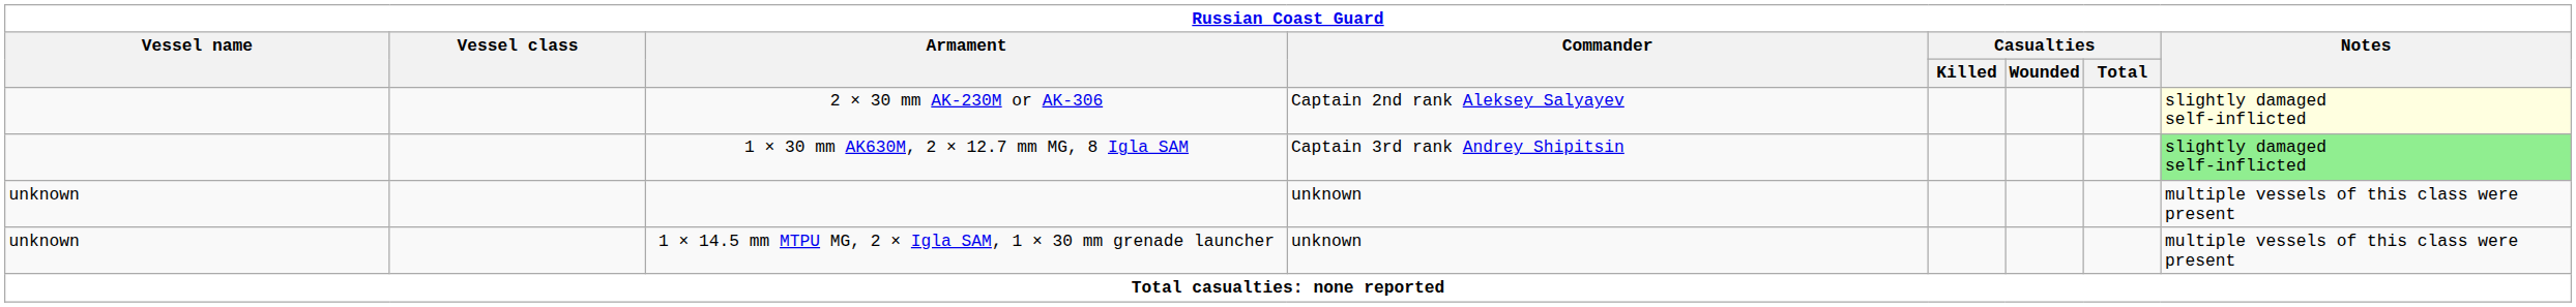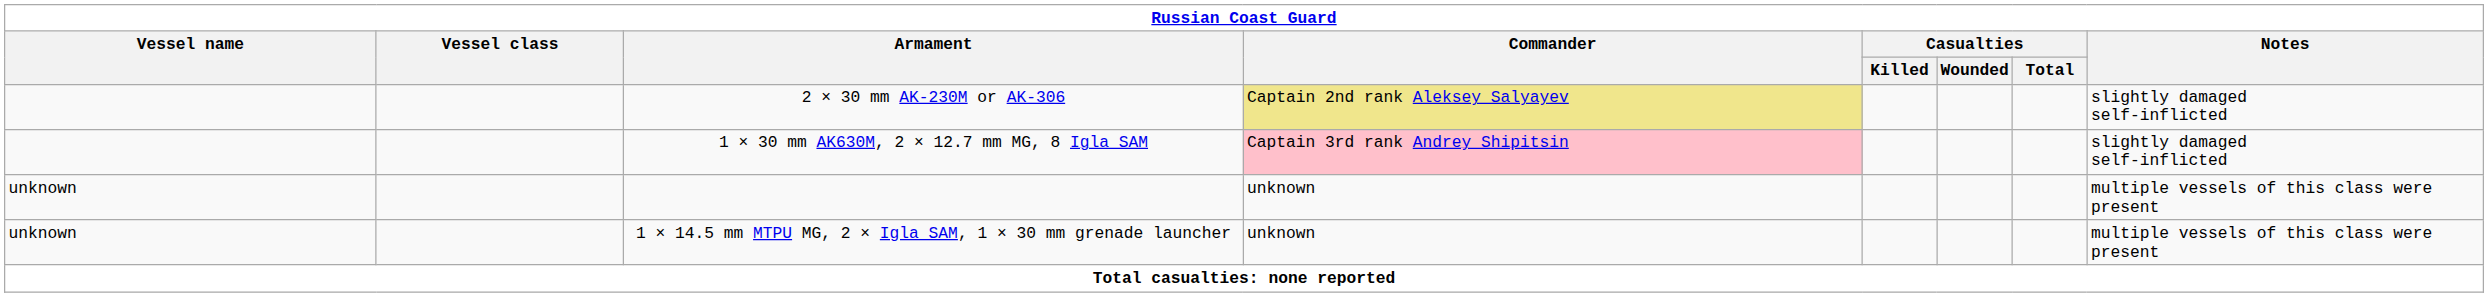 <table class="wikitable" style="width:100%;">
 <tr valign="top">
 <th colspan="8" style="background: white"><a href='#'>Russian Coast Guard</a></th>
 </tr>
 <tr valign="top">
 <th style="width:15%; text-align:center;" rowspan="2">Vessel name</th>
 <th style="width:10%; text-align:center;" rowspan="2">Vessel class</th>
 <th style="width:25%; text-align:center;" rowspan="2">Armament</th>
 <th style="width:25%; text-align:center;" rowspan="2">Commander</th>
 <th style="width:9%; text-align:center;" colspan="3">Casualties</th>
 <th style="width:16%; text-align:center;" rowspan="2">Notes</th>
 </tr>
 <tr valign="top">
 <th style="width:3%; text-align:center;">Killed</th>
 <th style="width:3%; text-align:center;">Wounded</th>
 <th style="width:3%; text-align:center;">Total</th>
 </tr>
 <tr valign="top">
 <td style="text-align:left;"></td>
 <td style="text-align:center;"></td>
 <td style="text-align:center;">2 × 30 mm <a href='#'>AK-230M</a> or <a href='#'>AK-306</a></td>
-<td style="text-align:left;">Captain 2nd rank <a href='#'>Aleksey Salyayev</a></td>
+<td style="background: khaki; text-align:left;">Captain 2nd rank <a href='#'>Aleksey Salyayev</a></td>
 <td style="text-align:right;"></td>
 <td style="text-align:right;"></td>
 <td style="text-align:right;"></td>
-<td style="background: lightyellow; text-align:left;">slightly damaged<br>self-inflicted</td>
+<td style="text-align:left;">slightly damaged<br>self-inflicted</td>
 </tr>
 <tr valign="top">
 <td style="text-align:left;"></td>
 <td style="text-align:center;"></td>
 <td style="text-align:center;">1 × 30 mm <a href='#'>AK630M</a>, 2 × 12.7 mm MG, 8 <a href='#'>Igla SAM</a></td>
-<td style="text-align:left;">Captain 3rd rank <a href='#'>Andrey Shipitsin</a></td>
+<td style="background: pink; text-align:left;">Captain 3rd rank <a href='#'>Andrey Shipitsin</a></td>
 <td style="text-align:right;"></td>
 <td style="text-align:right;"></td>
 <td style="text-align:right;"></td>
-<td style="background: lightgreen; text-align:left;">slightly damaged<br>self-inflicted</td>
+<td style="text-align:left;">slightly damaged<br>self-inflicted</td>
 </tr>
 <tr valign="top">
 <td style="text-align:left;">unknown</td>
 <td style="text-align:center;"></td>
 <td style="text-align:center;"></td>
 <td style="text-align:left;">unknown</td>
 <td style="text-align:right;"></td>
 <td style="text-align:right;"></td>
 <td style="text-align:right;"></td>
 <td style="text-align:left;">multiple vessels of this class were present</td>
 </tr>
 <tr valign="top">
 <td style="text-align:left;">unknown</td>
 <td style="text-align:center;"></td>
 <td style="text-align:center;">1 × 14.5 mm <a href='#'>MTPU</a> MG, 2 × <a href='#'>Igla SAM</a>, 1 × 30 mm grenade launcher</td>
 <td style="text-align:left;">unknown</td>
 <td style="text-align:right;"></td>
 <td style="text-align:right;"></td>
 <td style="text-align:right;"></td>
 <td style="text-align:left;">multiple vessels of this class were present</td>
 </tr>
 <tr valign="top">
 <th colspan="11" style="background:white;">Total casualties: none reported</th>
 </tr>
 </table>
